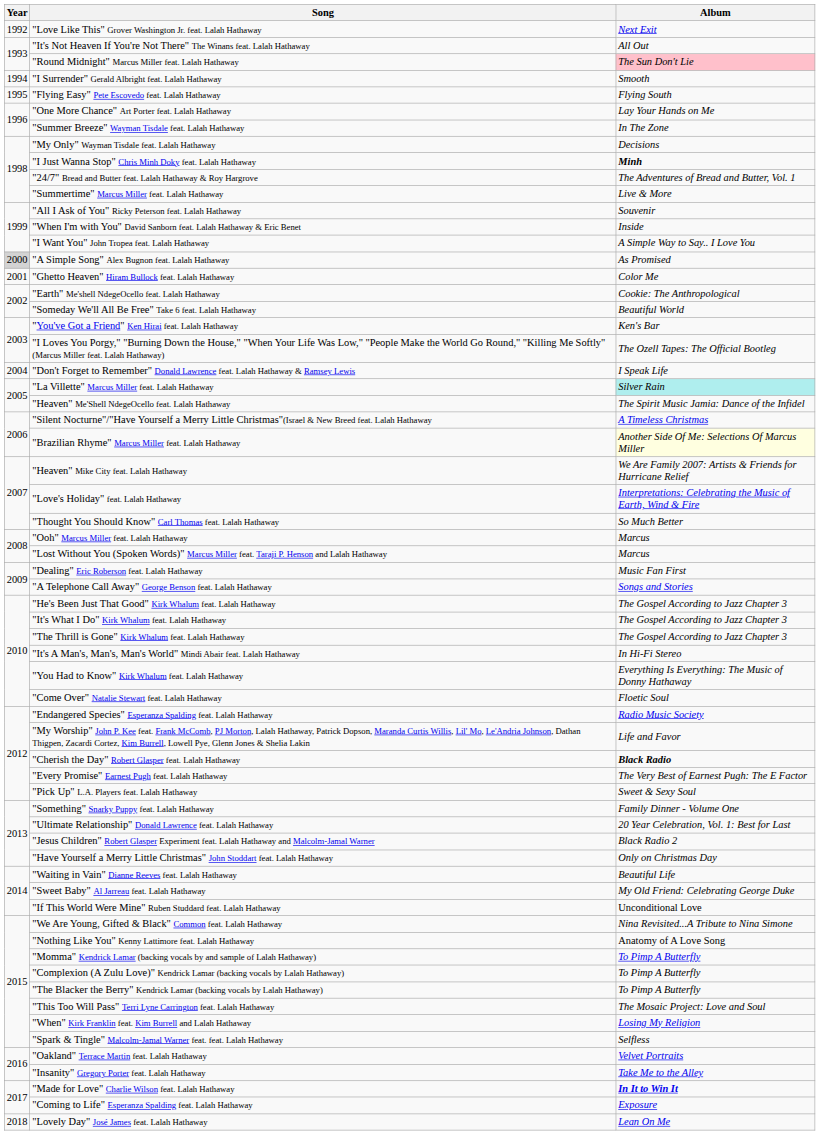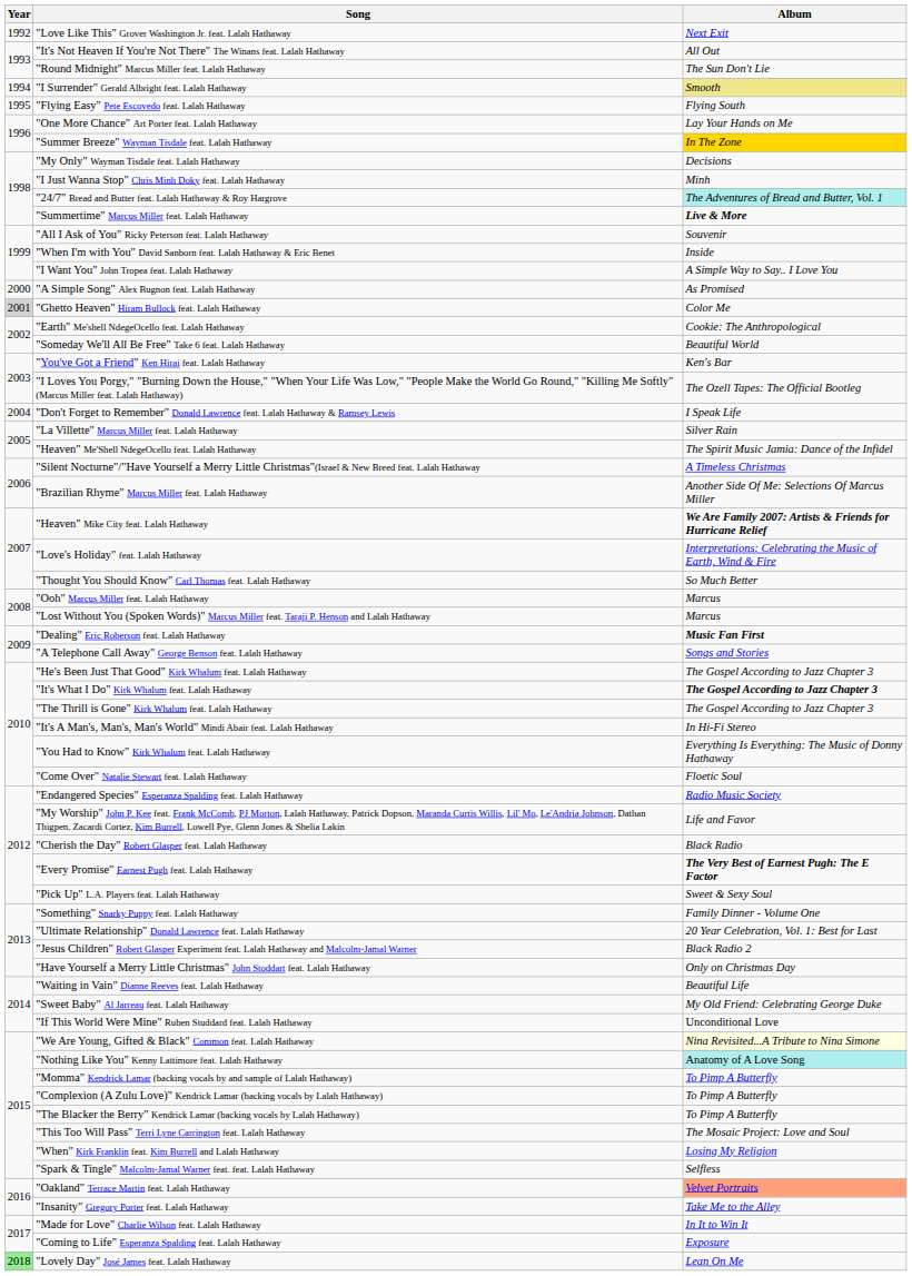 <table class="wikitable sortable">
 <tr>
 <th>Year</th>
 <th>Song</th>
 <th>Album</th>
 </tr>
 <tr>
 <td>1992</td>
 <td>"Love Like This" <small>Grover Washington Jr. feat. Lalah Hathaway</small></td>
 <td><em><a href='#'>Next Exit</a></em></td>
 </tr>
 <tr>
 <td rowspan="2">1993</td>
 <td>"It's Not Heaven If You're Not There" <small>The Winans feat. Lalah Hathaway</small></td>
 <td><em>All Out</em></td>
 </tr>
 <tr>
 <td>"Round Midnight" <small>Marcus Miller feat. Lalah Hathaway</small></td>
-<td style="background: pink;"><em>The Sun Don't Lie</em></td>
+<td><em>The Sun Don't Lie</em></td>
 </tr>
 <tr>
 <td>1994</td>
 <td>"I Surrender" <small>Gerald Albright feat. Lalah Hathaway</small></td>
-<td><em>Smooth</em></td>
+<td style="background: khaki;"><em>Smooth</em></td>
 </tr>
 <tr>
 <td>1995</td>
 <td>"Flying Easy" <small><a href='#'>Pete Escovedo</a> feat. Lalah Hathaway</small></td>
 <td><em>Flying South</em></td>
 </tr>
 <tr>
 <td rowspan="2">1996</td>
 <td>"One More Chance" <small>Art Porter feat. Lalah Hathaway</small></td>
 <td><em>Lay Your Hands on Me</em></td>
 </tr>
 <tr>
 <td>"Summer Breeze" <small><a href='#'>Wayman Tisdale</a> feat. Lalah Hathaway</small></td>
-<td><em>In The Zone</em></td>
+<td style="background: gold;"><em>In The Zone</em></td>
 </tr>
 <tr>
 <td rowspan="4">1998</td>
 <td>"My Only" <small>Wayman Tisdale feat. Lalah Hathaway</small></td>
 <td><em>Decisions</em></td>
 </tr>
 <tr>
 <td>"I Just Wanna Stop" <small><a href='#'>Chris Minh Doky</a> feat. Lalah Hathaway</small></td>
-<td><strong><em>Minh</em></strong></td>
+<td><em>Minh</em></td>
 </tr>
 <tr>
 <td>"24/7" <small>Bread and Butter feat. Lalah Hathaway & Roy Hargrove</small></td>
-<td><em>The Adventures of Bread and Butter, Vol. 1</em></td>
+<td style="background: paleturquoise;"><em>The Adventures of Bread and Butter, Vol. 1</em></td>
 </tr>
 <tr>
 <td>"Summertime" <small><a href='#'>Marcus Miller</a> feat. Lalah Hathaway</small></td>
-<td><em>Live & More</em></td>
+<td><strong><em>Live & More</em></strong></td>
 </tr>
 <tr>
 <td rowspan="3">1999</td>
 <td>"All I Ask of You" <small>Ricky Peterson feat. Lalah Hathaway</small></td>
 <td><em>Souvenir</em></td>
 </tr>
 <tr>
 <td>"When I'm with You" <small>David Sanborn feat. Lalah Hathaway & Eric Benet</small></td>
 <td><em>Inside</em></td>
 </tr>
 <tr>
 <td>"I Want You" <small>John Tropea feat. Lalah Hathaway</small></td>
 <td><em>A Simple Way to Say.. I Love You</em></td>
 </tr>
 <tr>
-<td style="background: lightgrey;">2000</td>
+<td>2000</td>
 <td>"A Simple Song" <small>Alex Bugnon feat. Lalah Hathaway</small></td>
 <td><em>As Promised</em></td>
 </tr>
 <tr>
-<td>2001</td>
+<td style="background: lightgrey;">2001</td>
 <td>"Ghetto Heaven" <small><a href='#'>Hiram Bullock</a> feat. Lalah Hathaway</small></td>
 <td><em>Color Me</em></td>
 </tr>
 <tr>
 <td rowspan="2">2002</td>
 <td>"Earth" <small>Me'shell NdegeOcello feat. Lalah Hathaway</small></td>
 <td><em>Cookie: The Anthropological</em></td>
 </tr>
 <tr>
 <td>"Someday We'll All Be Free" <small>Take 6 feat. Lalah Hathaway</small></td>
 <td><em>Beautiful World</em></td>
 </tr>
 <tr>
 <td rowspan="2">2003</td>
 <td>"<a href='#'>You've Got a Friend</a>" <small><a href='#'>Ken Hirai</a> feat. Lalah Hathaway</small></td>
 <td><em>Ken's Bar</em></td>
 </tr>
 <tr>
 <td>"I Loves You Porgy," "Burning Down the House," "When Your Life Was Low," "People Make the World Go Round," "Killing Me Softly" <small>(Marcus Miller feat. Lalah Hathaway)</small></td>
 <td><em>The Ozell Tapes: The Official Bootleg</em></td>
 </tr>
 <tr>
 <td>2004</td>
 <td>"Don't Forget to Remember" <small><a href='#'>Donald Lawrence</a> feat. Lalah Hathaway & <a href='#'>Ramsey Lewis</a></small></td>
 <td><em>I Speak Life</em></td>
 </tr>
 <tr>
 <td rowspan="2">2005</td>
 <td>"La Villette" <small><a href='#'>Marcus Miller</a> feat. Lalah Hathaway</small></td>
-<td style="background: paleturquoise;"><em>Silver Rain</em></td>
+<td><em>Silver Rain</em></td>
 </tr>
 <tr>
 <td>"Heaven" <small>Me'Shell NdegeOcello feat. Lalah Hathaway</small></td>
 <td><em>The Spirit Music Jamia: Dance of the Infidel</em></td>
 </tr>
 <tr>
 <td rowspan="2">2006</td>
 <td>"Silent Nocturne"/"Have Yourself a Merry Little Christmas"<small>(Israel & New Breed feat. Lalah Hathaway</small></td>
 <td><em><a href='#'>A Timeless Christmas</a></em></td>
 </tr>
 <tr>
 <td>"Brazilian Rhyme" <small><a href='#'>Marcus Miller</a> feat. Lalah Hathaway</small></td>
-<td style="background: lightyellow;"><em>Another Side Of Me: Selections Of Marcus Miller</em></td>
+<td><em>Another Side Of Me: Selections Of Marcus Miller</em></td>
 </tr>
 <tr>
 <td rowspan="3">2007</td>
 <td>"Heaven" <small>Mike City feat. Lalah Hathaway</small></td>
-<td><em>We Are Family 2007: Artists & Friends for Hurricane Relief</em></td>
+<td><strong><em>We Are Family 2007: Artists & Friends for Hurricane Relief</em></strong></td>
 </tr>
 <tr>
 <td>"Love's Holiday" <small>feat. Lalah Hathaway</small></td>
 <td><em><a href='#'>Interpretations: Celebrating the Music of Earth, Wind & Fire</a></em></td>
 </tr>
 <tr>
 <td>"Thought You Should Know" <small><a href='#'>Carl Thomas</a> feat. Lalah Hathaway</small></td>
 <td><em>So Much Better</em></td>
 </tr>
 <tr>
 <td rowspan="2">2008</td>
 <td>"Ooh" <small><a href='#'>Marcus Miller</a> feat. Lalah Hathaway</small></td>
 <td><em>Marcus</em></td>
 </tr>
 <tr>
 <td>"Lost Without You (Spoken Words)" <small><a href='#'>Marcus Miller</a> feat. <a href='#'>Taraji P. Henson</a> and Lalah Hathaway </small></td>
 <td><em>Marcus</em></td>
 </tr>
 <tr>
 <td rowspan="2">2009</td>
 <td>"Dealing" <small><a href='#'>Eric Roberson</a> feat. Lalah Hathaway</small></td>
-<td><em>Music Fan First</em></td>
+<td><strong><em>Music Fan First</em></strong></td>
 </tr>
 <tr>
 <td>"A Telephone Call Away" <small><a href='#'>George Benson</a> feat. Lalah Hathaway</small></td>
 <td><em><a href='#'>Songs and Stories</a></em></td>
 </tr>
 <tr>
 <td rowspan="6">2010</td>
 <td>"He's Been Just That Good" <small><a href='#'>Kirk Whalum</a> feat. Lalah Hathaway</small></td>
 <td><em>The Gospel According to Jazz Chapter 3</em></td>
 </tr>
 <tr>
 <td>"It's What I Do" <small><a href='#'>Kirk Whalum</a> feat. Lalah Hathaway</small></td>
-<td><em>The Gospel According to Jazz Chapter 3</em></td>
+<td><strong><em>The Gospel According to Jazz Chapter 3</em></strong></td>
 </tr>
 <tr>
 <td>"The Thrill is Gone" <small><a href='#'>Kirk Whalum</a> feat. Lalah Hathaway</small></td>
 <td><em>The Gospel According to Jazz Chapter 3</em></td>
 </tr>
 <tr>
 <td>"It's A Man's, Man's, Man's World" <small>Mindi Abair feat. Lalah Hathaway</small></td>
 <td><em>In Hi-Fi Stereo</em></td>
 </tr>
 <tr>
 <td>"You Had to Know" <small><a href='#'>Kirk Whalum</a> feat. Lalah Hathaway</small></td>
 <td><em>Everything Is Everything: The Music of Donny Hathaway</em></td>
 </tr>
 <tr>
 <td>"Come Over" <small><a href='#'>Natalie Stewart</a> feat. Lalah Hathaway</small></td>
 <td><em>Floetic Soul</em></td>
 </tr>
 <tr>
 <td rowspan="5">2012</td>
 <td>"Endangered Species" <small><a href='#'>Esperanza Spalding</a> feat. Lalah Hathaway</small></td>
 <td><em><a href='#'>Radio Music Society</a></em></td>
 </tr>
 <tr>
 <td>"My Worship" <small><a href='#'>John P. Kee</a> feat. <a href='#'>Frank McComb</a>, <a href='#'>PJ Morton</a>, Lalah Hathaway, Patrick Dopson, <a href='#'>Maranda Curtis Willis</a>, <a href='#'>Lil' Mo</a>, <a href='#'>Le'Andria Johnson</a>, Dathan Thigpen, Zacardi Cortez, <a href='#'>Kim Burrell</a>, Lowell Pye, Glenn Jones & Shelia Lakin</small></td>
 <td><em>Life and Favor</em></td>
 </tr>
 <tr>
 <td>"Cherish the Day" <small><a href='#'>Robert Glasper</a> feat. Lalah Hathaway</small></td>
-<td><strong><em>Black Radio</em></strong></td>
+<td><em>Black Radio</em></td>
 </tr>
 <tr>
 <td>"Every Promise" <small><a href='#'>Earnest Pugh</a> feat. Lalah Hathaway</small></td>
-<td><em>The Very Best of Earnest Pugh: The E Factor</em></td>
+<td><strong><em>The Very Best of Earnest Pugh: The E Factor</em></strong></td>
 </tr>
 <tr>
 <td>"Pick Up" <small>L.A. Players feat. Lalah Hathaway</small></td>
 <td><em>Sweet & Sexy Soul</em></td>
 </tr>
 <tr>
 <td rowspan="4">2013</td>
 <td>"Something" <small> <a href='#'>Snarky Puppy</a> feat. Lalah Hathaway</small></td>
 <td><em>Family Dinner - Volume One</em></td>
 </tr>
 <tr>
 <td>"Ultimate Relationship" <small> <a href='#'>Donald Lawrence</a> feat. Lalah Hathaway</small></td>
 <td><em>20 Year Celebration, Vol. 1: Best for Last</em></td>
 </tr>
 <tr>
 <td>"Jesus Children" <small><a href='#'>Robert Glasper</a> Experiment feat. Lalah Hathaway and <a href='#'>Malcolm-Jamal Warner</a></small></td>
 <td><em>Black Radio 2</em></td>
 </tr>
 <tr>
 <td>"Have Yourself a Merry Little Christmas" <small><a href='#'>John Stoddart</a> feat. Lalah Hathaway</small></td>
 <td><em>Only on Christmas Day</em></td>
 </tr>
 <tr>
 <td rowspan="3">2014</td>
 <td>"Waiting in Vain" <small> <a href='#'>Dianne Reeves</a> feat. Lalah Hathaway</small></td>
 <td><em>Beautiful Life</em></td>
 </tr>
 <tr>
 <td>"Sweet Baby" <small> <a href='#'>Al Jarreau</a> feat. Lalah Hathaway</small></td>
 <td><em>My Old Friend: Celebrating George Duke</em></td>
 </tr>
 <tr>
 <td>"If This World Were Mine" <small>Ruben Studdard feat. Lalah Hathaway</small></td>
 <td>Unconditional Love</td>
 </tr>
 <tr>
 <td rowspan="8">2015</td>
 <td>"We Are Young, Gifted & Black" <small> <a href='#'>Common</a> feat. Lalah Hathaway</small></td>
-<td><em>Nina Revisited...A Tribute to Nina Simone</em></td>
+<td style="background: lightyellow;"><em>Nina Revisited...A Tribute to Nina Simone</em></td>
 </tr>
 <tr>
 <td>"Nothing Like You" <small>Kenny Lattimore feat. Lalah Hathaway</small></td>
-<td>Anatomy of A Love Song</td>
+<td style="background: paleturquoise;">Anatomy of A Love Song</td>
 </tr>
 <tr>
 <td>"Momma" <small> <a href='#'>Kendrick Lamar</a> (backing vocals by and sample of Lalah Hathaway)</small></td>
 <td><em><a href='#'>To Pimp A Butterfly</a></em></td>
 </tr>
 <tr>
 <td>"Complexion (A Zulu Love)" <small> Kendrick Lamar (backing vocals by Lalah Hathaway)</small></td>
 <td><em>To Pimp A Butterfly</em></td>
 </tr>
 <tr>
 <td>"The Blacker the Berry" <small> Kendrick Lamar (backing vocals by Lalah Hathaway)</small></td>
 <td><em>To Pimp A Butterfly</em></td>
 </tr>
 <tr>
 <td>"This Too Will Pass" <small> <a href='#'>Terri Lyne Carrington</a> feat. Lalah Hathaway</small></td>
 <td><em>The Mosaic Project: Love and Soul</em></td>
 </tr>
 <tr>
 <td>"When" <small> <a href='#'>Kirk Franklin</a> feat. <a href='#'>Kim Burrell</a> and Lalah Hathaway</small></td>
 <td><em><a href='#'>Losing My Religion</a></em></td>
 </tr>
 <tr>
 <td>"Spark & Tingle" <small> <a href='#'>Malcolm-Jamal Warner</a> feat. feat. Lalah Hathaway</small></td>
 <td><em>Selfless</em></td>
 </tr>
 <tr>
 <td rowspan="2">2016</td>
 <td>"Oakland" <small> <a href='#'>Terrace Martin</a> feat. Lalah Hathaway</small></td>
-<td><em><a href='#'>Velvet Portraits</a></em></td>
+<td style="background: lightsalmon;"><em><a href='#'>Velvet Portraits</a></em></td>
 </tr>
 <tr>
 <td>"Insanity"  <small> <a href='#'>Gregory Porter</a> feat. Lalah Hathaway</small></td>
 <td><em><a href='#'>Take Me to the Alley</a></em></td>
 </tr>
 <tr>
 <td rowspan="2">2017</td>
 <td>"Made for Love" <small> <a href='#'>Charlie Wilson</a> feat. Lalah Hathaway</small></td>
-<td><strong><em><a href='#'>In It to Win It</a></em></strong></td>
+<td><em><a href='#'>In It to Win It</a></em></td>
 </tr>
 <tr>
 <td>"Coming to Life" <small> <a href='#'>Esperanza Spalding</a> feat. Lalah Hathaway</small></td>
 <td><em><a href='#'>Exposure</a></em></td>
 </tr>
 <tr>
-<td>2018</td>
+<td style="background: lightgreen;">2018</td>
 <td>"Lovely Day" <small> <a href='#'>José James</a> feat. Lalah Hathaway</small></td>
 <td><em><a href='#'>Lean On Me</a></em></td>
 </tr>
 </table>
